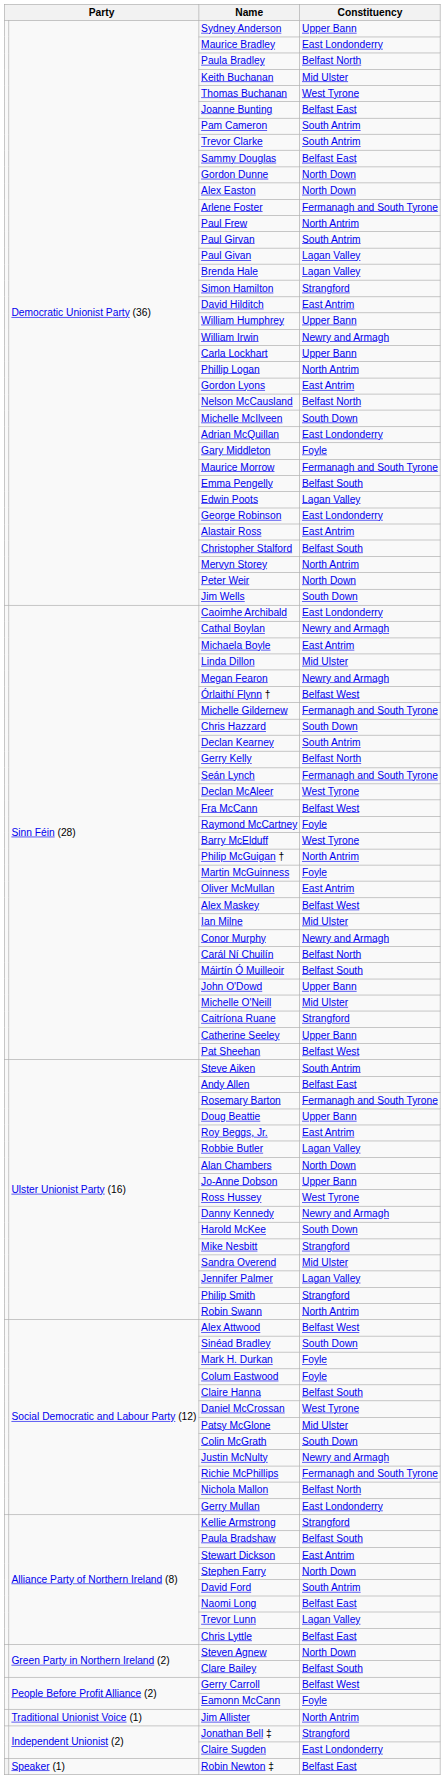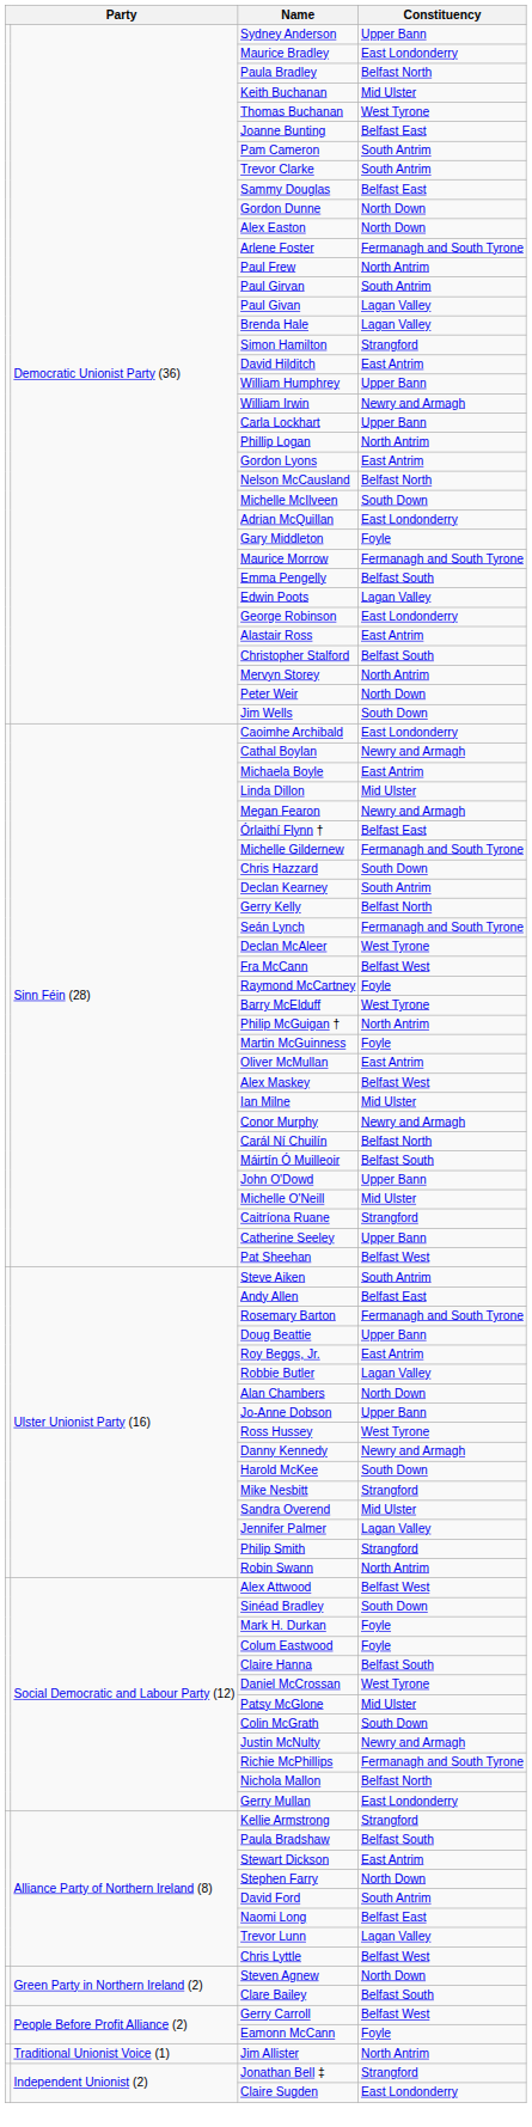 <table class="wikitable">
 <tr>
 <th colspan="2">Party</th>
 <th>Name</th>
 <th>Constituency</th>
 </tr>
 <tr>
 <td rowspan="36" style="background-color:"></td>
 <td rowspan="36"><a href='#'>Democratic Unionist Party</a> (36)</td>
 <td><a href='#'>Sydney Anderson</a></td>
 <td><a href='#'>Upper Bann</a></td>
 </tr>
 <tr>
 <td><a href='#'>Maurice Bradley</a></td>
 <td><a href='#'>East Londonderry</a></td>
 </tr>
 <tr>
 <td><a href='#'>Paula Bradley</a></td>
 <td><a href='#'>Belfast North</a></td>
 </tr>
 <tr>
 <td><a href='#'>Keith Buchanan</a></td>
 <td><a href='#'>Mid Ulster</a></td>
 </tr>
 <tr>
 <td><a href='#'>Thomas Buchanan</a></td>
 <td><a href='#'>West Tyrone</a></td>
 </tr>
 <tr>
 <td><a href='#'>Joanne Bunting</a></td>
 <td><a href='#'>Belfast East</a></td>
 </tr>
 <tr>
 <td><a href='#'>Pam Cameron</a></td>
 <td><a href='#'>South Antrim</a></td>
 </tr>
 <tr>
 <td><a href='#'>Trevor Clarke</a></td>
 <td><a href='#'>South Antrim</a></td>
 </tr>
 <tr>
 <td><a href='#'>Sammy Douglas</a></td>
 <td><a href='#'>Belfast East</a></td>
 </tr>
 <tr>
 <td><a href='#'>Gordon Dunne</a></td>
 <td><a href='#'>North Down</a></td>
 </tr>
 <tr>
 <td><a href='#'>Alex Easton</a></td>
 <td><a href='#'>North Down</a></td>
 </tr>
 <tr>
 <td><a href='#'>Arlene Foster</a></td>
 <td><a href='#'>Fermanagh and South Tyrone</a></td>
 </tr>
 <tr>
 <td><a href='#'>Paul Frew</a></td>
 <td><a href='#'>North Antrim</a></td>
 </tr>
 <tr>
 <td><a href='#'>Paul Girvan</a></td>
 <td><a href='#'>South Antrim</a></td>
 </tr>
 <tr>
 <td><a href='#'>Paul Givan</a></td>
 <td><a href='#'>Lagan Valley</a></td>
 </tr>
 <tr>
 <td><a href='#'>Brenda Hale</a></td>
 <td><a href='#'>Lagan Valley</a></td>
 </tr>
 <tr>
 <td><a href='#'>Simon Hamilton</a></td>
 <td><a href='#'>Strangford</a></td>
 </tr>
 <tr>
 <td><a href='#'>David Hilditch</a></td>
 <td><a href='#'>East Antrim</a></td>
 </tr>
 <tr>
 <td><a href='#'>William Humphrey</a></td>
 <td><a href='#'>Upper Bann</a></td>
 </tr>
 <tr>
 <td><a href='#'>William Irwin</a></td>
 <td><a href='#'>Newry and Armagh</a></td>
 </tr>
 <tr>
 <td><a href='#'>Carla Lockhart</a></td>
 <td><a href='#'>Upper Bann</a></td>
 </tr>
 <tr>
 <td><a href='#'>Phillip Logan</a></td>
 <td><a href='#'>North Antrim</a></td>
 </tr>
 <tr>
 <td><a href='#'>Gordon Lyons</a></td>
 <td><a href='#'>East Antrim</a></td>
 </tr>
 <tr>
 <td><a href='#'>Nelson McCausland</a></td>
 <td><a href='#'>Belfast North</a></td>
 </tr>
 <tr>
 <td><a href='#'>Michelle McIlveen</a></td>
 <td><a href='#'>South Down</a></td>
 </tr>
 <tr>
 <td><a href='#'>Adrian McQuillan</a></td>
 <td><a href='#'>East Londonderry</a></td>
 </tr>
 <tr>
 <td><a href='#'>Gary Middleton</a></td>
 <td><a href='#'>Foyle</a></td>
 </tr>
 <tr>
 <td><a href='#'>Maurice Morrow</a></td>
 <td><a href='#'>Fermanagh and South Tyrone</a></td>
 </tr>
 <tr>
 <td><a href='#'>Emma Pengelly</a></td>
 <td><a href='#'>Belfast South</a></td>
 </tr>
 <tr>
 <td><a href='#'>Edwin Poots</a></td>
 <td><a href='#'>Lagan Valley</a></td>
 </tr>
 <tr>
 <td><a href='#'>George Robinson</a></td>
 <td><a href='#'>East Londonderry</a></td>
 </tr>
 <tr>
 <td><a href='#'>Alastair Ross</a></td>
 <td><a href='#'>East Antrim</a></td>
 </tr>
 <tr>
 <td><a href='#'>Christopher Stalford</a></td>
 <td><a href='#'>Belfast South</a></td>
 </tr>
 <tr>
 <td><a href='#'>Mervyn Storey</a></td>
 <td><a href='#'>North Antrim</a></td>
 </tr>
 <tr>
 <td><a href='#'>Peter Weir</a></td>
 <td><a href='#'>North Down</a></td>
 </tr>
 <tr>
 <td><a href='#'>Jim Wells</a></td>
 <td><a href='#'>South Down</a></td>
 </tr>
 <tr>
 <td rowspan="28" style="background-color:"></td>
 <td rowspan="28"><a href='#'>Sinn Féin</a> (28)</td>
 <td><a href='#'>Caoimhe Archibald</a></td>
 <td><a href='#'>East Londonderry</a></td>
 </tr>
 <tr>
 <td><a href='#'>Cathal Boylan</a></td>
 <td><a href='#'>Newry and Armagh</a></td>
 </tr>
 <tr>
 <td><a href='#'>Michaela Boyle</a></td>
 <td><a href='#'>East Antrim</a></td>
 </tr>
 <tr>
 <td><a href='#'>Linda Dillon</a></td>
 <td><a href='#'>Mid Ulster</a></td>
 </tr>
 <tr>
 <td><a href='#'>Megan Fearon</a></td>
 <td><a href='#'>Newry and Armagh</a></td>
 </tr>
 <tr>
 <td><a href='#'>Órlaithí Flynn</a> †</td>
-<td><a href='#'>Belfast West</a></td>
+<td><a href='#'>Belfast East</a></td>
 </tr>
 <tr>
 <td><a href='#'>Michelle Gildernew</a></td>
 <td><a href='#'>Fermanagh and South Tyrone</a></td>
 </tr>
 <tr>
 <td><a href='#'>Chris Hazzard</a></td>
 <td><a href='#'>South Down</a></td>
 </tr>
 <tr>
 <td><a href='#'>Declan Kearney</a></td>
 <td><a href='#'>South Antrim</a></td>
 </tr>
 <tr>
 <td><a href='#'>Gerry Kelly</a></td>
 <td><a href='#'>Belfast North</a></td>
 </tr>
 <tr>
 <td><a href='#'>Seán Lynch</a></td>
 <td><a href='#'>Fermanagh and South Tyrone</a></td>
 </tr>
 <tr>
 <td><a href='#'>Declan McAleer</a></td>
 <td><a href='#'>West Tyrone</a></td>
 </tr>
 <tr>
 <td><a href='#'>Fra McCann</a></td>
 <td><a href='#'>Belfast West</a></td>
 </tr>
 <tr>
 <td><a href='#'>Raymond McCartney</a></td>
 <td><a href='#'>Foyle</a></td>
 </tr>
 <tr>
 <td><a href='#'>Barry McElduff</a></td>
 <td><a href='#'>West Tyrone</a></td>
 </tr>
 <tr>
 <td><a href='#'>Philip McGuigan</a> †</td>
 <td><a href='#'>North Antrim</a></td>
 </tr>
 <tr>
 <td><a href='#'>Martin McGuinness</a></td>
 <td><a href='#'>Foyle</a></td>
 </tr>
 <tr>
 <td><a href='#'>Oliver McMullan</a></td>
 <td><a href='#'>East Antrim</a></td>
 </tr>
 <tr>
 <td><a href='#'>Alex Maskey</a></td>
 <td><a href='#'>Belfast West</a></td>
 </tr>
 <tr>
 <td><a href='#'>Ian Milne</a></td>
 <td><a href='#'>Mid Ulster</a></td>
 </tr>
 <tr>
 <td><a href='#'>Conor Murphy</a></td>
 <td><a href='#'>Newry and Armagh</a></td>
 </tr>
 <tr>
 <td><a href='#'>Carál Ní Chuilín</a></td>
 <td><a href='#'>Belfast North</a></td>
 </tr>
 <tr>
 <td><a href='#'>Máirtín Ó Muilleoir</a></td>
 <td><a href='#'>Belfast South</a></td>
 </tr>
 <tr>
 <td><a href='#'>John O'Dowd</a></td>
 <td><a href='#'>Upper Bann</a></td>
 </tr>
 <tr>
 <td><a href='#'>Michelle O'Neill</a></td>
 <td><a href='#'>Mid Ulster</a></td>
 </tr>
 <tr>
 <td><a href='#'>Caitríona Ruane</a></td>
 <td><a href='#'>Strangford</a></td>
 </tr>
 <tr>
 <td><a href='#'>Catherine Seeley</a></td>
 <td><a href='#'>Upper Bann</a></td>
 </tr>
 <tr>
 <td><a href='#'>Pat Sheehan</a></td>
 <td><a href='#'>Belfast West</a></td>
 </tr>
 <tr>
 <td rowspan="16" style="background-color:"></td>
 <td rowspan="16"><a href='#'>Ulster Unionist Party</a> (16)</td>
 <td><a href='#'>Steve Aiken</a></td>
 <td><a href='#'>South Antrim</a></td>
 </tr>
 <tr>
 <td><a href='#'>Andy Allen</a></td>
 <td><a href='#'>Belfast East</a></td>
 </tr>
 <tr>
 <td><a href='#'>Rosemary Barton</a></td>
 <td><a href='#'>Fermanagh and South Tyrone</a></td>
 </tr>
 <tr>
 <td><a href='#'>Doug Beattie</a></td>
 <td><a href='#'>Upper Bann</a></td>
 </tr>
 <tr>
 <td><a href='#'>Roy Beggs, Jr.</a></td>
 <td><a href='#'>East Antrim</a></td>
 </tr>
 <tr>
 <td><a href='#'>Robbie Butler</a></td>
 <td><a href='#'>Lagan Valley</a></td>
 </tr>
 <tr>
 <td><a href='#'>Alan Chambers</a></td>
 <td><a href='#'>North Down</a></td>
 </tr>
 <tr>
 <td><a href='#'>Jo-Anne Dobson</a></td>
 <td><a href='#'>Upper Bann</a></td>
 </tr>
 <tr>
 <td><a href='#'>Ross Hussey</a></td>
 <td><a href='#'>West Tyrone</a></td>
 </tr>
 <tr>
 <td><a href='#'>Danny Kennedy</a></td>
 <td><a href='#'>Newry and Armagh</a></td>
 </tr>
 <tr>
 <td><a href='#'>Harold McKee</a></td>
 <td><a href='#'>South Down</a></td>
 </tr>
 <tr>
 <td><a href='#'>Mike Nesbitt</a></td>
 <td><a href='#'>Strangford</a></td>
 </tr>
 <tr>
 <td><a href='#'>Sandra Overend</a></td>
 <td><a href='#'>Mid Ulster</a></td>
 </tr>
 <tr>
 <td><a href='#'>Jennifer Palmer</a></td>
 <td><a href='#'>Lagan Valley</a></td>
 </tr>
 <tr>
 <td><a href='#'>Philip Smith</a></td>
 <td><a href='#'>Strangford</a></td>
 </tr>
 <tr>
 <td><a href='#'>Robin Swann</a></td>
 <td><a href='#'>North Antrim</a></td>
 </tr>
 <tr>
 <td rowspan="12" style="background-color:"></td>
 <td rowspan="12"><a href='#'>Social Democratic and Labour Party</a> (12)</td>
 <td><a href='#'>Alex Attwood</a></td>
 <td><a href='#'>Belfast West</a></td>
 </tr>
 <tr>
 <td><a href='#'>Sinéad Bradley</a></td>
 <td><a href='#'>South Down</a></td>
 </tr>
 <tr>
 <td><a href='#'>Mark H. Durkan</a></td>
 <td><a href='#'>Foyle</a></td>
 </tr>
 <tr>
 <td><a href='#'>Colum Eastwood</a></td>
 <td><a href='#'>Foyle</a></td>
 </tr>
 <tr>
 <td><a href='#'>Claire Hanna</a></td>
 <td><a href='#'>Belfast South</a></td>
 </tr>
 <tr>
 <td><a href='#'>Daniel McCrossan</a></td>
 <td><a href='#'>West Tyrone</a></td>
 </tr>
 <tr>
 <td><a href='#'>Patsy McGlone</a></td>
 <td><a href='#'>Mid Ulster</a></td>
 </tr>
 <tr>
 <td><a href='#'>Colin McGrath</a></td>
 <td><a href='#'>South Down</a></td>
 </tr>
 <tr>
 <td><a href='#'>Justin McNulty</a></td>
 <td><a href='#'>Newry and Armagh</a></td>
 </tr>
 <tr>
 <td><a href='#'>Richie McPhillips</a></td>
 <td><a href='#'>Fermanagh and South Tyrone</a></td>
 </tr>
 <tr>
 <td><a href='#'>Nichola Mallon</a></td>
 <td><a href='#'>Belfast North</a></td>
 </tr>
 <tr>
 <td><a href='#'>Gerry Mullan</a></td>
 <td><a href='#'>East Londonderry</a></td>
 </tr>
 <tr>
 <td rowspan="8" style="background-color:"></td>
 <td rowspan="8"><a href='#'>Alliance Party of Northern Ireland</a> (8)</td>
 <td><a href='#'>Kellie Armstrong</a></td>
 <td><a href='#'>Strangford</a></td>
 </tr>
 <tr>
 <td><a href='#'>Paula Bradshaw</a></td>
 <td><a href='#'>Belfast South</a></td>
 </tr>
 <tr>
 <td><a href='#'>Stewart Dickson</a></td>
 <td><a href='#'>East Antrim</a></td>
 </tr>
 <tr>
 <td><a href='#'>Stephen Farry</a></td>
 <td><a href='#'>North Down</a></td>
 </tr>
 <tr>
 <td><a href='#'>David Ford</a></td>
 <td><a href='#'>South Antrim</a></td>
 </tr>
 <tr>
 <td><a href='#'>Naomi Long</a></td>
 <td><a href='#'>Belfast East</a></td>
 </tr>
 <tr>
 <td><a href='#'>Trevor Lunn</a></td>
 <td><a href='#'>Lagan Valley</a></td>
 </tr>
 <tr>
 <td><a href='#'>Chris Lyttle</a></td>
-<td><a href='#'>Belfast East</a></td>
+<td><a href='#'>Belfast West</a></td>
 </tr>
 <tr>
 <td rowspan="2" style="background-color:"></td>
 <td rowspan="2"><a href='#'>Green Party in Northern Ireland</a> (2)</td>
 <td><a href='#'>Steven Agnew</a></td>
 <td><a href='#'>North Down</a></td>
 </tr>
 <tr>
 <td><a href='#'>Clare Bailey</a></td>
 <td><a href='#'>Belfast South</a></td>
 </tr>
 <tr>
 <td rowspan="2" style="background-color:"></td>
 <td rowspan="2"><a href='#'>People Before Profit Alliance</a> (2)</td>
 <td><a href='#'>Gerry Carroll</a></td>
 <td><a href='#'>Belfast West</a></td>
 </tr>
 <tr>
 <td><a href='#'>Eamonn McCann</a></td>
 <td><a href='#'>Foyle</a></td>
 </tr>
 <tr>
 <td style="background-color:"></td>
 <td><a href='#'>Traditional Unionist Voice</a> (1)</td>
 <td><a href='#'>Jim Allister</a></td>
 <td><a href='#'>North Antrim</a></td>
 </tr>
 <tr>
 <td rowspan="2" style="background-color:"></td>
 <td rowspan="2"><a href='#'>Independent Unionist</a> (2)</td>
 <td><a href='#'>Jonathan Bell</a> ‡</td>
 <td><a href='#'>Strangford</a></td>
 </tr>
 <tr>
 <td><a href='#'>Claire Sugden</a></td>
 <td><a href='#'>East Londonderry</a></td>
 </tr>
-<tr>
-<th rowspan="1" style="background-color: "></th>
-<td rowspan="1"><a href='#'>Speaker</a> (1)</td>
-<td><a href='#'>Robin Newton</a> ‡</td>
-<td><a href='#'>Belfast East</a></td>
-</tr>
 </table>
